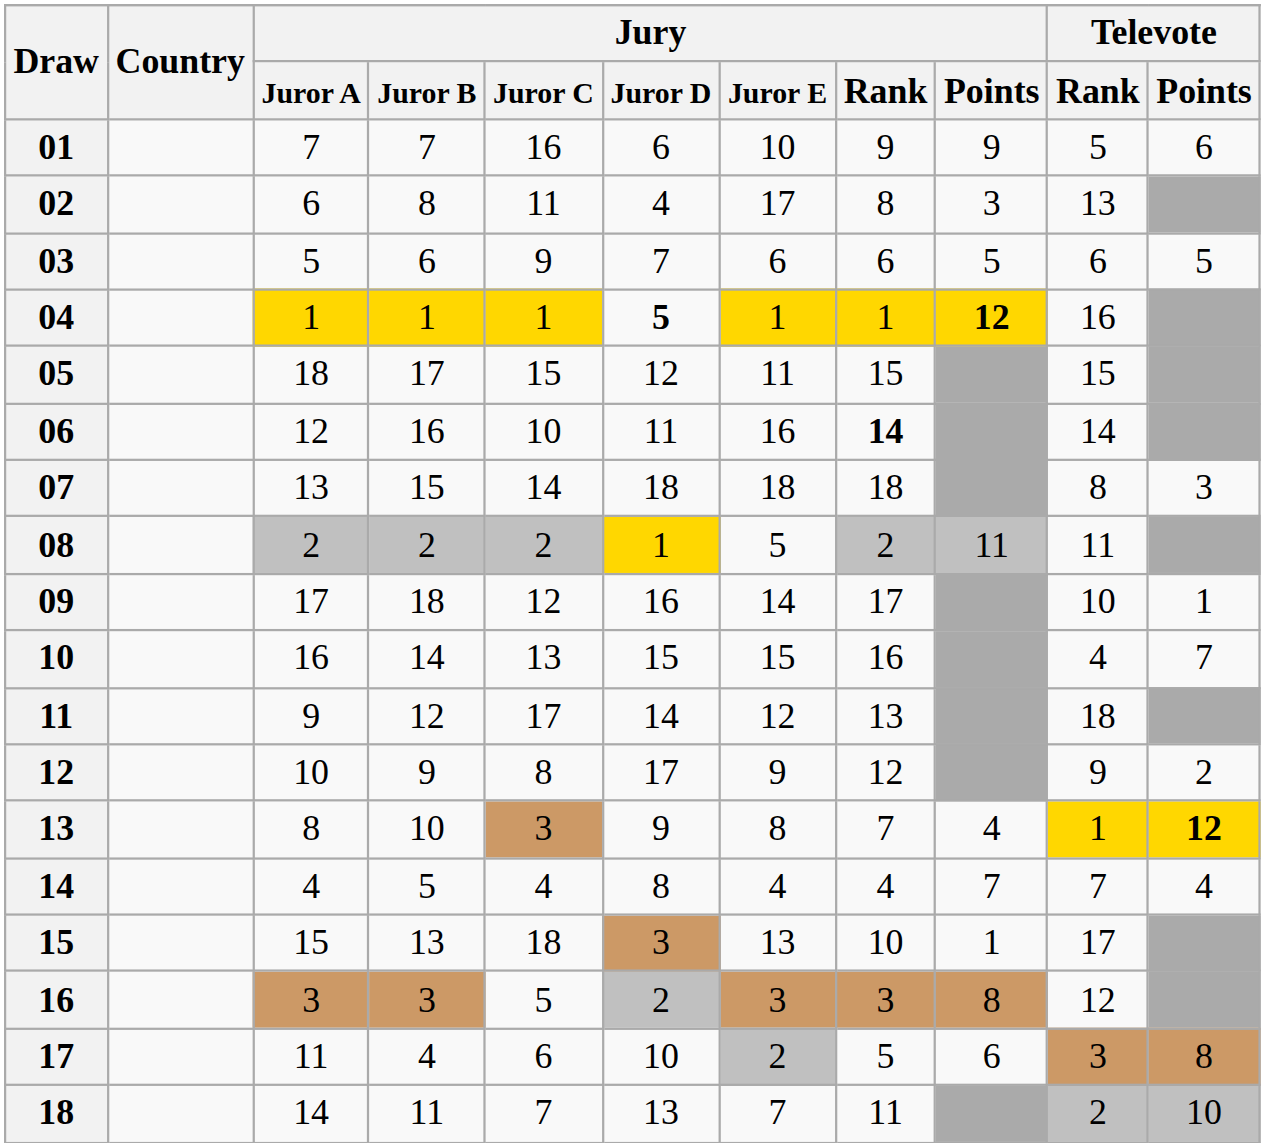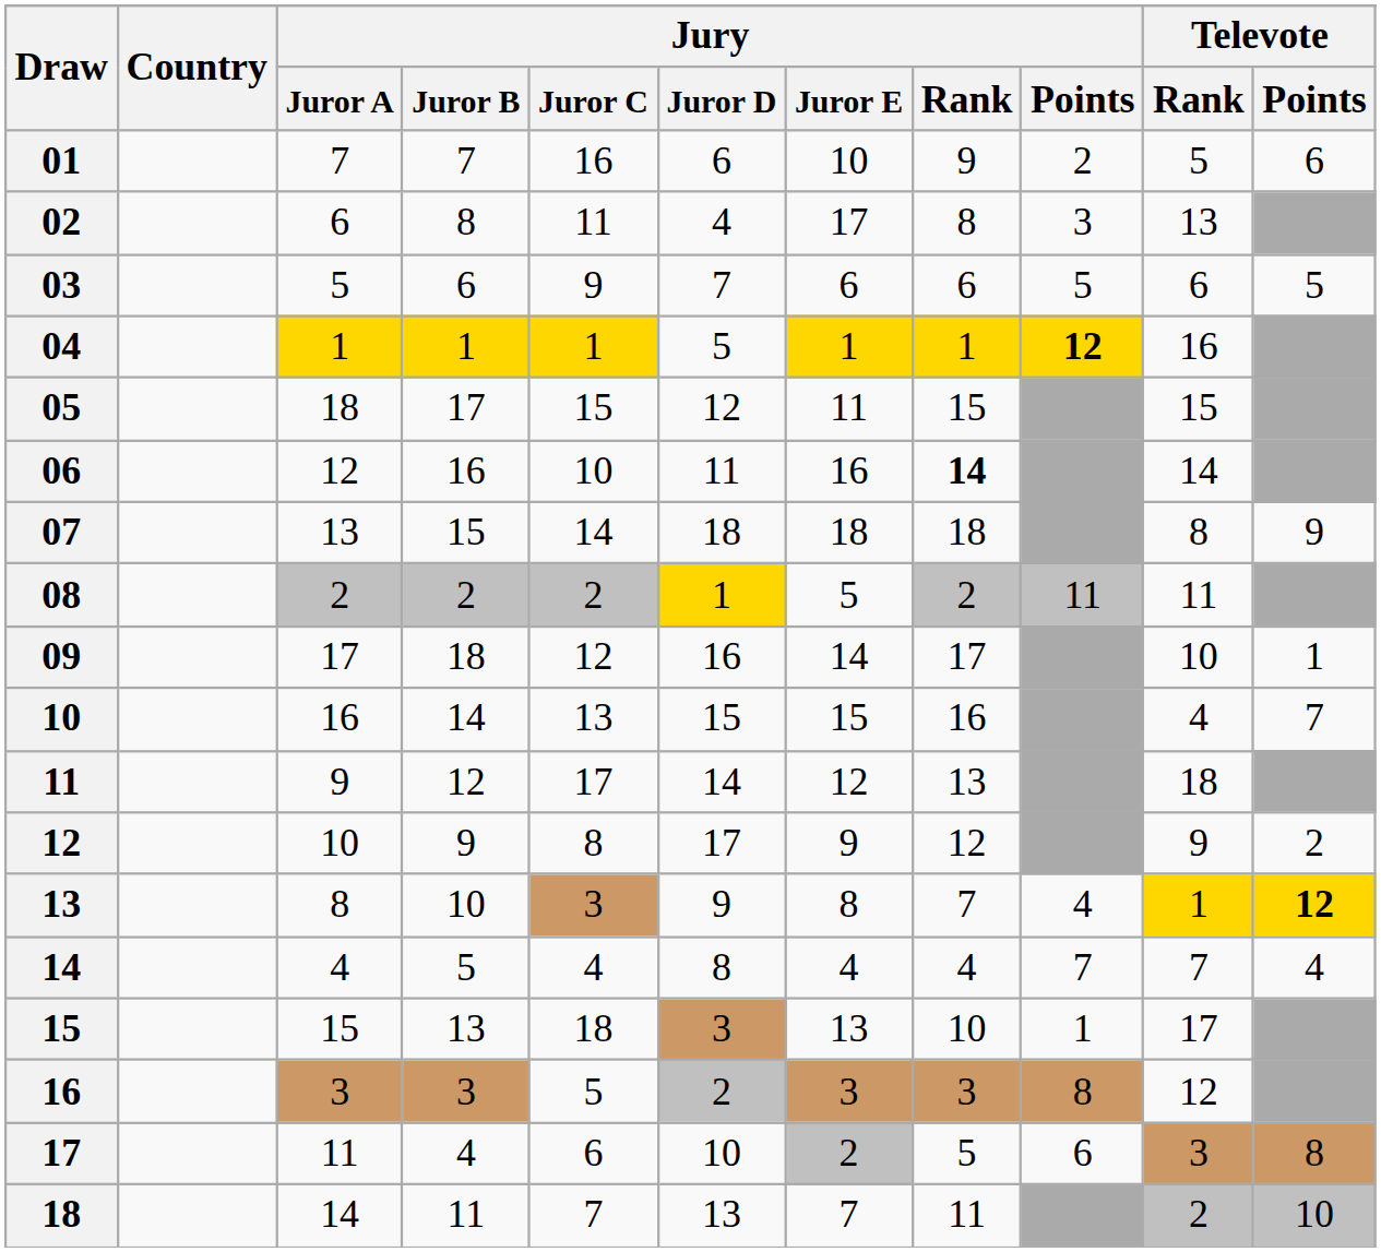 <table class="sortable wikitable collapsible plainrowheaders" style="text-align:center;">
 <tr>
 </tr>
 <tr>
 <th scope="col" rowspan="2">Draw</th>
 <th scope="col" rowspan="2">Country</th>
 <th scope="col" colspan="7">Jury</th>
 <th scope="col" colspan="2">Televote</th>
 </tr>
 <tr>
 <th scope="col"><small>Juror A</small></th>
 <th scope="col"><small>Juror B</small></th>
 <th scope="col"><small>Juror C</small></th>
 <th scope="col"><small>Juror D</small></th>
 <th scope="col"><small>Juror E</small></th>
 <th scope="col">Rank</th>
 <th scope="col">Points</th>
 <th scope="col">Rank</th>
 <th scope="col">Points</th>
 </tr>
 <tr>
 <th scope="row" style="text-align:center;">01</th>
 <td style="text-align:left;"></td>
 <td>7</td>
 <td>7</td>
 <td>16</td>
 <td>6</td>
 <td>10</td>
 <td>9</td>
-<td>9</td>
+<td>2</td>
 <td>5</td>
 <td>6</td>
 </tr>
 <tr>
 <th scope="row" style="text-align:center;">02</th>
 <td style="text-align:left;"></td>
 <td>6</td>
 <td>8</td>
 <td>11</td>
 <td>4</td>
 <td>17</td>
 <td>8</td>
 <td>3</td>
 <td>13</td>
 <td style="background:#AAAAAA;"></td>
 </tr>
 <tr>
 <th scope="row" style="text-align:center;">03</th>
 <td style="text-align:left;"></td>
 <td>5</td>
 <td>6</td>
 <td>9</td>
 <td>7</td>
 <td>6</td>
 <td>6</td>
 <td>5</td>
 <td>6</td>
 <td>5</td>
 </tr>
 <tr>
 <th scope="row" style="text-align:center;">04</th>
 <td style="text-align:left;"></td>
 <td style="background:gold;">1</td>
 <td style="background:gold;">1</td>
 <td style="background:gold;">1</td>
-<td><strong>5</strong></td>
+<td>5</td>
 <td style="background:gold;">1</td>
 <td style="background:gold;">1</td>
 <td style="background:gold;"><strong>12</strong></td>
 <td>16</td>
 <td style="background:#AAAAAA;"></td>
 </tr>
 <tr>
 <th scope="row" style="text-align:center;">05</th>
 <td style="text-align:left;"></td>
 <td>18</td>
 <td>17</td>
 <td>15</td>
 <td>12</td>
 <td>11</td>
 <td>15</td>
 <td style="background:#AAAAAA;"></td>
 <td>15</td>
 <td style="background:#AAAAAA;"></td>
 </tr>
 <tr>
 <th scope="row" style="text-align:center;">06</th>
 <td style="text-align:left;"></td>
 <td>12</td>
 <td>16</td>
 <td>10</td>
 <td>11</td>
 <td>16</td>
 <td><strong>14</strong></td>
 <td style="background:#AAAAAA;"></td>
 <td>14</td>
 <td style="background:#AAAAAA;"></td>
 </tr>
 <tr>
 <th scope="row" style="text-align:center;">07</th>
 <td style="text-align:left;"></td>
 <td>13</td>
 <td>15</td>
 <td>14</td>
 <td>18</td>
 <td>18</td>
 <td>18</td>
 <td style="background:#AAAAAA;"></td>
 <td>8</td>
-<td>3</td>
+<td>9</td>
 </tr>
 <tr>
 <th scope="row" style="text-align:center;">08</th>
 <td style="text-align:left;"></td>
 <td style="background:silver;">2</td>
 <td style="background:silver;">2</td>
 <td style="background:silver;">2</td>
 <td style="background:gold;">1</td>
 <td>5</td>
 <td style="background:silver;">2</td>
 <td style="background:silver;">11</td>
 <td>11</td>
 <td style="background:#AAAAAA;"></td>
 </tr>
 <tr>
 <th scope="row" style="text-align:center;">09</th>
 <td style="text-align:left;"></td>
 <td>17</td>
 <td>18</td>
 <td>12</td>
 <td>16</td>
 <td>14</td>
 <td>17</td>
 <td style="background:#AAAAAA;"></td>
 <td>10</td>
 <td>1</td>
 </tr>
 <tr>
 <th scope="row" style="text-align:center;">10</th>
 <td style="text-align:left;"></td>
 <td>16</td>
 <td>14</td>
 <td>13</td>
 <td>15</td>
 <td>15</td>
 <td>16</td>
 <td style="background:#AAAAAA;"></td>
 <td>4</td>
 <td>7</td>
 </tr>
 <tr>
 <th scope="row" style="text-align:center;">11</th>
 <td style="text-align:left;"></td>
 <td>9</td>
 <td>12</td>
 <td>17</td>
 <td>14</td>
 <td>12</td>
 <td>13</td>
 <td style="background:#AAAAAA;"></td>
 <td>18</td>
 <td style="background:#AAAAAA;"></td>
 </tr>
 <tr>
 <th scope="row" style="text-align:center;">12</th>
 <td style="text-align:left;"></td>
 <td>10</td>
 <td>9</td>
 <td>8</td>
 <td>17</td>
 <td>9</td>
 <td>12</td>
 <td style="background:#AAAAAA;"></td>
 <td>9</td>
 <td>2</td>
 </tr>
 <tr>
 <th scope="row" style="text-align:center;">13</th>
 <td style="text-align:left;"></td>
 <td>8</td>
 <td>10</td>
 <td style="background:#CC9966;">3</td>
 <td>9</td>
 <td>8</td>
 <td>7</td>
 <td>4</td>
 <td style="background:gold;">1</td>
 <td style="background:gold;"><strong>12</strong></td>
 </tr>
 <tr>
 <th scope="row" style="text-align:center;">14</th>
 <td style="text-align:left;"></td>
 <td>4</td>
 <td>5</td>
 <td>4</td>
 <td>8</td>
 <td>4</td>
 <td>4</td>
 <td>7</td>
 <td>7</td>
 <td>4</td>
 </tr>
 <tr>
 <th scope="row" style="text-align:center;">15</th>
 <td style="text-align:left;"></td>
 <td>15</td>
 <td>13</td>
 <td>18</td>
 <td style="background:#CC9966;">3</td>
 <td>13</td>
 <td>10</td>
 <td>1</td>
 <td>17</td>
 <td style="background:#AAAAAA;"></td>
 </tr>
 <tr>
 <th scope="row" style="text-align:center;">16</th>
 <td style="text-align:left;"></td>
 <td style="background:#CC9966;">3</td>
 <td style="background:#CC9966;">3</td>
 <td>5</td>
 <td style="background:silver;">2</td>
 <td style="background:#CC9966;">3</td>
 <td style="background:#CC9966;">3</td>
 <td style="background:#CC9966;">8</td>
 <td>12</td>
 <td style="background:#AAAAAA;"></td>
 </tr>
 <tr>
 <th scope="row" style="text-align:center;">17</th>
 <td style="text-align:left;"></td>
 <td>11</td>
 <td>4</td>
 <td>6</td>
 <td>10</td>
 <td style="background:silver;">2</td>
 <td>5</td>
 <td>6</td>
 <td style="background:#CC9966;">3</td>
 <td style="background:#CC9966;">8</td>
 </tr>
 <tr>
 <th scope="row" style="text-align:center;">18</th>
 <td style="text-align:left;"></td>
 <td>14</td>
 <td>11</td>
 <td>7</td>
 <td>13</td>
 <td>7</td>
 <td>11</td>
 <td style="background:#AAAAAA;"></td>
 <td style="background:silver;">2</td>
 <td style="background:silver;">10</td>
 </tr>
 </table>
